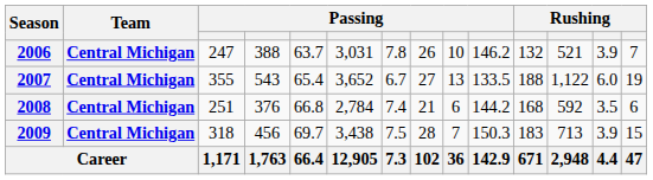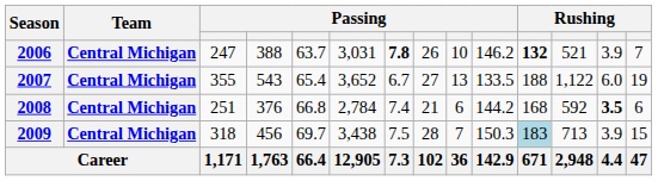 <table class="wikitable" style="text-align:center;">
 <tr>
 <th rowspan="2">Season</th>
 <th rowspan="2">Team</th>
 <th colspan="8">Passing</th>
 <th colspan="4">Rushing</th>
 </tr>
 <tr>
 <th></th>
 <th></th>
 <th></th>
 <th></th>
 <th></th>
 <th></th>
 <th></th>
 <th></th>
 <th></th>
 <th></th>
 <th></th>
 <th></th>
 </tr>
 <tr>
 <th><a href='#'>2006</a></th>
 <th><a href='#'>Central Michigan</a></th>
 <td>247</td>
 <td>388</td>
 <td>63.7</td>
 <td>3,031</td>
-<td>7.8</td>
+<td><strong>7.8</strong></td>
 <td>26</td>
 <td>10</td>
 <td>146.2</td>
-<td>132</td>
+<td><strong>132</strong></td>
 <td>521</td>
 <td>3.9</td>
 <td>7</td>
 </tr>
 <tr>
 <th><a href='#'>2007</a></th>
 <th><a href='#'>Central Michigan</a></th>
 <td>355</td>
 <td>543</td>
 <td>65.4</td>
 <td>3,652</td>
 <td>6.7</td>
 <td>27</td>
 <td>13</td>
 <td>133.5</td>
 <td>188</td>
 <td>1,122</td>
 <td>6.0</td>
 <td>19</td>
 </tr>
 <tr>
 <th><a href='#'>2008</a></th>
 <th><a href='#'>Central Michigan</a></th>
 <td>251</td>
 <td>376</td>
 <td>66.8</td>
 <td>2,784</td>
 <td>7.4</td>
 <td>21</td>
 <td>6</td>
 <td>144.2</td>
 <td>168</td>
 <td>592</td>
-<td>3.5</td>
+<td><strong>3.5</strong></td>
 <td>6</td>
 </tr>
 <tr>
 <th><a href='#'>2009</a></th>
 <th><a href='#'>Central Michigan</a></th>
 <td>318</td>
 <td>456</td>
 <td>69.7</td>
 <td>3,438</td>
 <td>7.5</td>
 <td>28</td>
 <td>7</td>
 <td>150.3</td>
-<td>183</td>
+<td style="background: lightblue;">183</td>
 <td>713</td>
 <td>3.9</td>
 <td>15</td>
 </tr>
 <tr>
 <th colspan="2">Career</th>
 <th>1,171</th>
 <th>1,763</th>
 <th>66.4</th>
 <th>12,905</th>
 <th>7.3</th>
 <th>102</th>
 <th>36</th>
 <th>142.9</th>
 <th>671</th>
 <th>2,948</th>
 <th>4.4</th>
 <th>47</th>
 </tr>
 </table>
